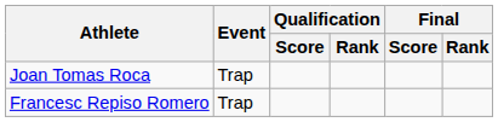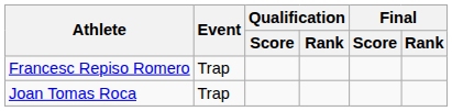 <table class="wikitable" style="font-size:90%">
 <tr>
 <th rowspan="2">Athlete</th>
 <th rowspan="2">Event</th>
 <th colspan="2">Qualification</th>
 <th colspan="2">Final</th>
 </tr>
 <tr>
 <th>Score</th>
 <th>Rank</th>
 <th>Score</th>
 <th>Rank</th>
 </tr>
 <tr>
+<td><a href='#'>Francesc Repiso Romero</a></td>
+<td>Trap</td>
+<td align="center"></td>
+<td align="center"></td>
+<td align="center"></td>
+<td align="center"></td>
+</tr>
+<tr>
 <td><a href='#'>Joan Tomas Roca</a></td>
 <td>Trap</td>
 <td align="center"></td>
 <td align="center"></td>
 <td align="center"></td>
 <td align="center"></td>
 </tr>
-<tr>
-<td><a href='#'>Francesc Repiso Romero</a></td>
-<td>Trap</td>
-<td align="center"></td>
-<td align="center"></td>
-<td align="center"></td>
-<td align="center"></td>
-</tr>
 </table>
